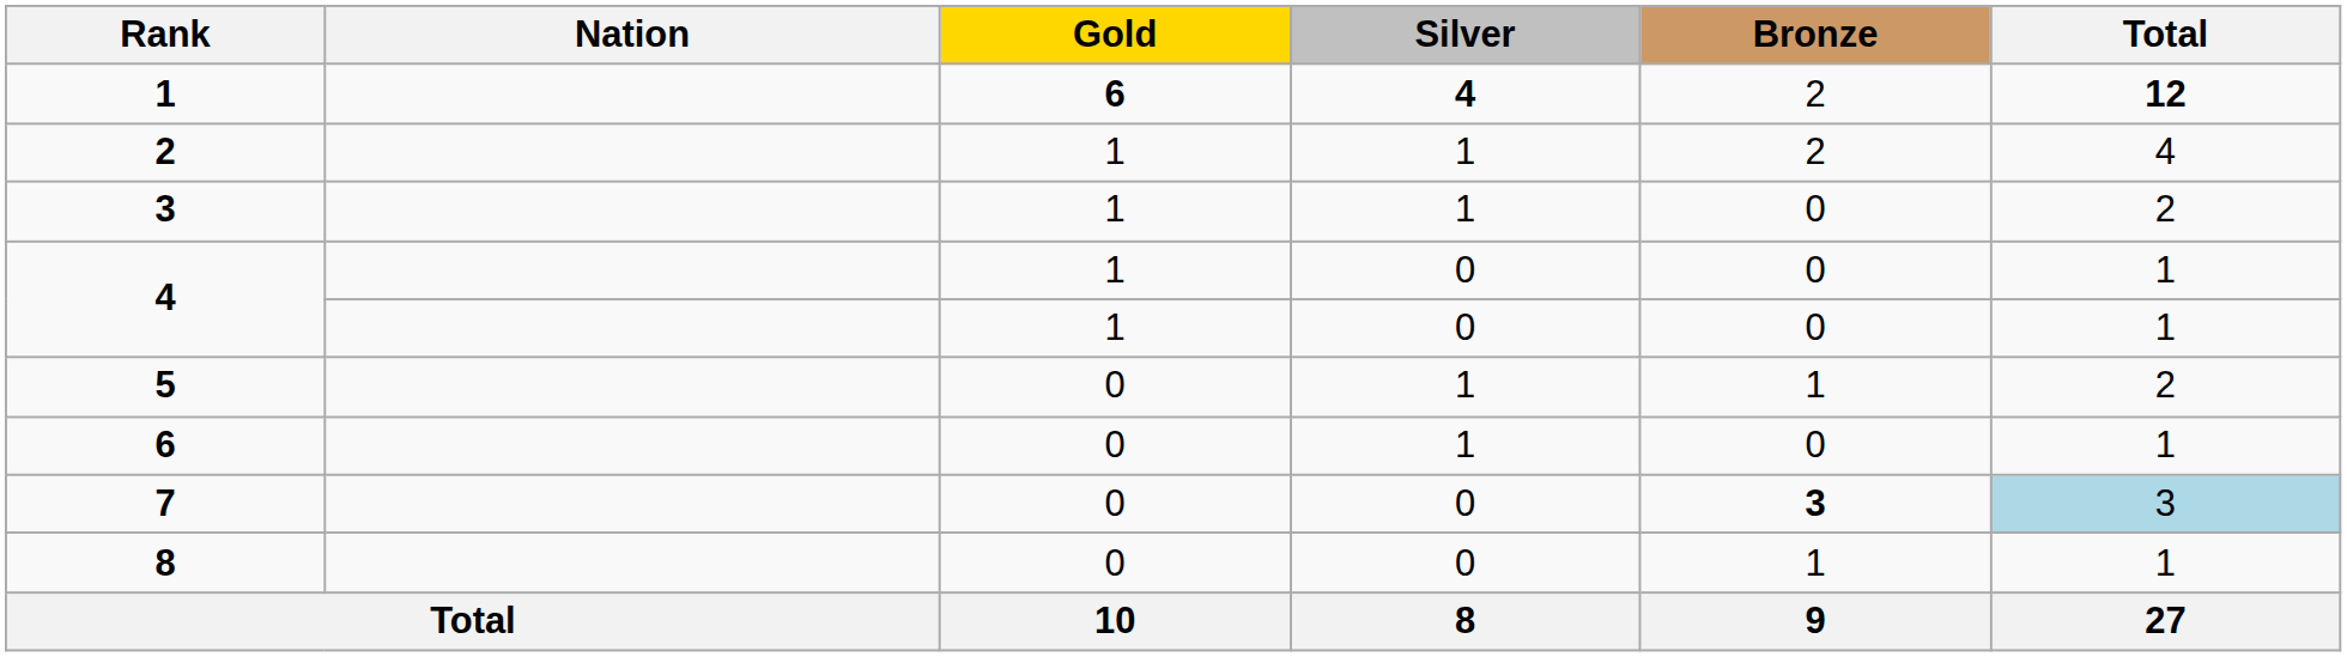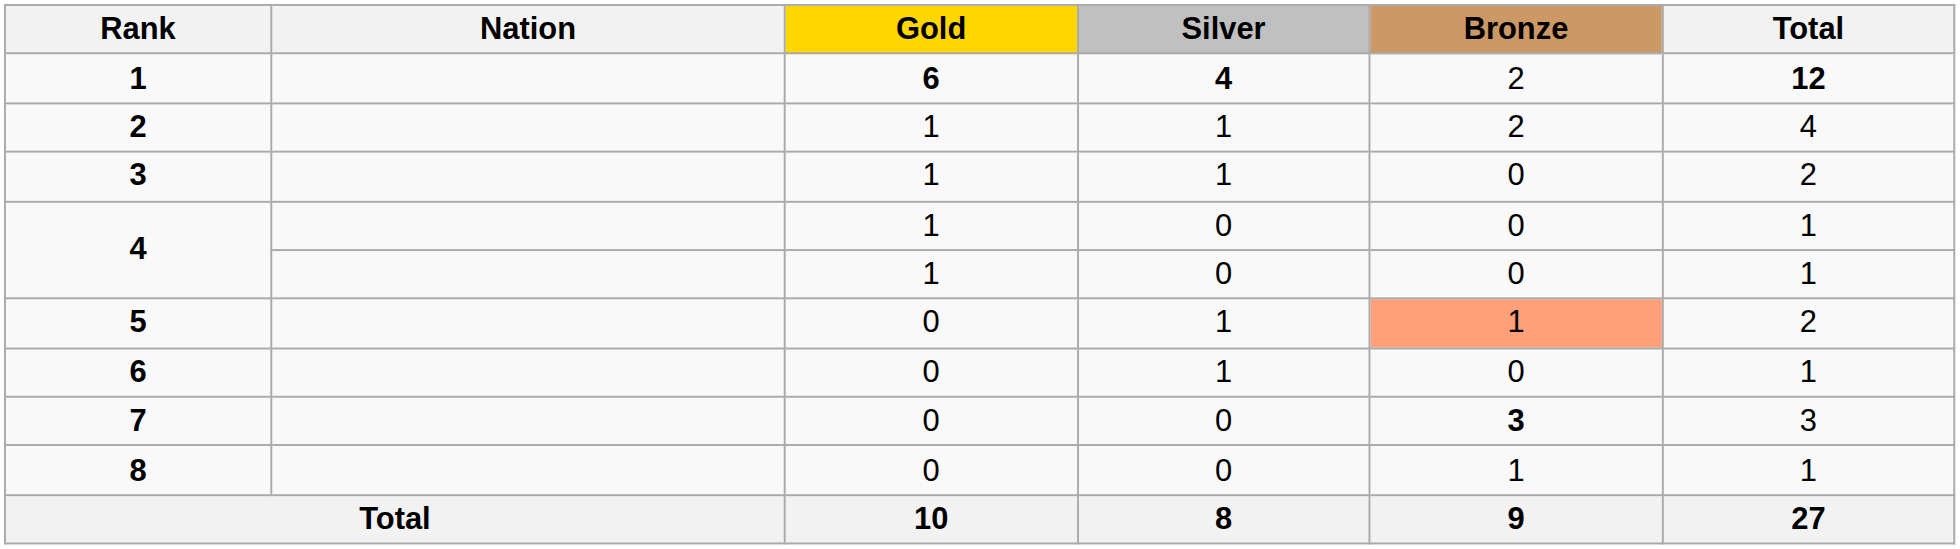 <table class="wikitable sortable collapsible autocollapse plainrowheaders" width="80%" style="text-align:center;">
 <tr style="background-color:#EDEDED;">
 <th width=100px class="hintergrundfarbe5">Rank</th>
 <th width=200px class="hintergrundfarbe6">Nation</th>
 <th style="background:    gold; width:15%">Gold</th>
 <th style="background:  silver; width:15%">Silver</th>
 <th style="background: #CC9966; width:15%">Bronze</th>
 <th class="hintergrundfarbe6" style="width:15%">Total</th>
 </tr>
 <tr>
 <td><strong>1</strong></td>
 <td align=left></td>
 <td><strong>6</strong></td>
 <td><strong>4</strong></td>
 <td>2</td>
 <td><strong>12</strong></td>
 </tr>
 <tr>
 <td><strong>2</strong></td>
 <td align=left></td>
 <td>1</td>
 <td>1</td>
 <td>2</td>
 <td>4</td>
 </tr>
 <tr>
 <td><strong>3</strong></td>
 <td align="left"></td>
 <td>1</td>
 <td>1</td>
 <td>0</td>
 <td>2</td>
 </tr>
 <tr>
 <td rowspan="2"><strong>4</strong></td>
 <td align="left"></td>
 <td>1</td>
 <td>0</td>
 <td>0</td>
 <td>1</td>
 </tr>
 <tr>
 <td align=left></td>
 <td>1</td>
 <td>0</td>
 <td>0</td>
 <td>1</td>
 </tr>
 <tr>
 <td><strong>5</strong></td>
 <td align=left></td>
 <td>0</td>
 <td>1</td>
-<td>1</td>
+<td style="background: lightsalmon;">1</td>
 <td>2</td>
 </tr>
 <tr>
 <td><strong>6</strong></td>
 <td align=left></td>
 <td>0</td>
 <td>1</td>
 <td>0</td>
 <td>1</td>
 </tr>
 <tr>
 <td><strong>7</strong></td>
 <td align=left></td>
 <td>0</td>
 <td>0</td>
 <td><strong>3</strong></td>
-<td style="background: lightblue;">3</td>
+<td>3</td>
 </tr>
 <tr>
 <td><strong>8</strong></td>
 <td align="left"></td>
 <td>0</td>
 <td>0</td>
 <td>1</td>
 <td>1</td>
 </tr>
 <tr>
 <th colspan="2">Total</th>
 <th>10</th>
 <th>8</th>
 <th>9</th>
 <th>27</th>
 </tr>
 </table>
